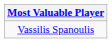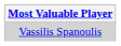 <table class=wikitable style="text-align:center; margin:auto">
 <tr>
 <th><a href='#'>Most Valuable Player</a></th>
 </tr>
 <tr>
-<td> <a href='#'>Vassilis Spanoulis</a></td>
+<td style="background: lightgrey;"> <a href='#'>Vassilis Spanoulis</a></td>
 </tr>
 </table>
